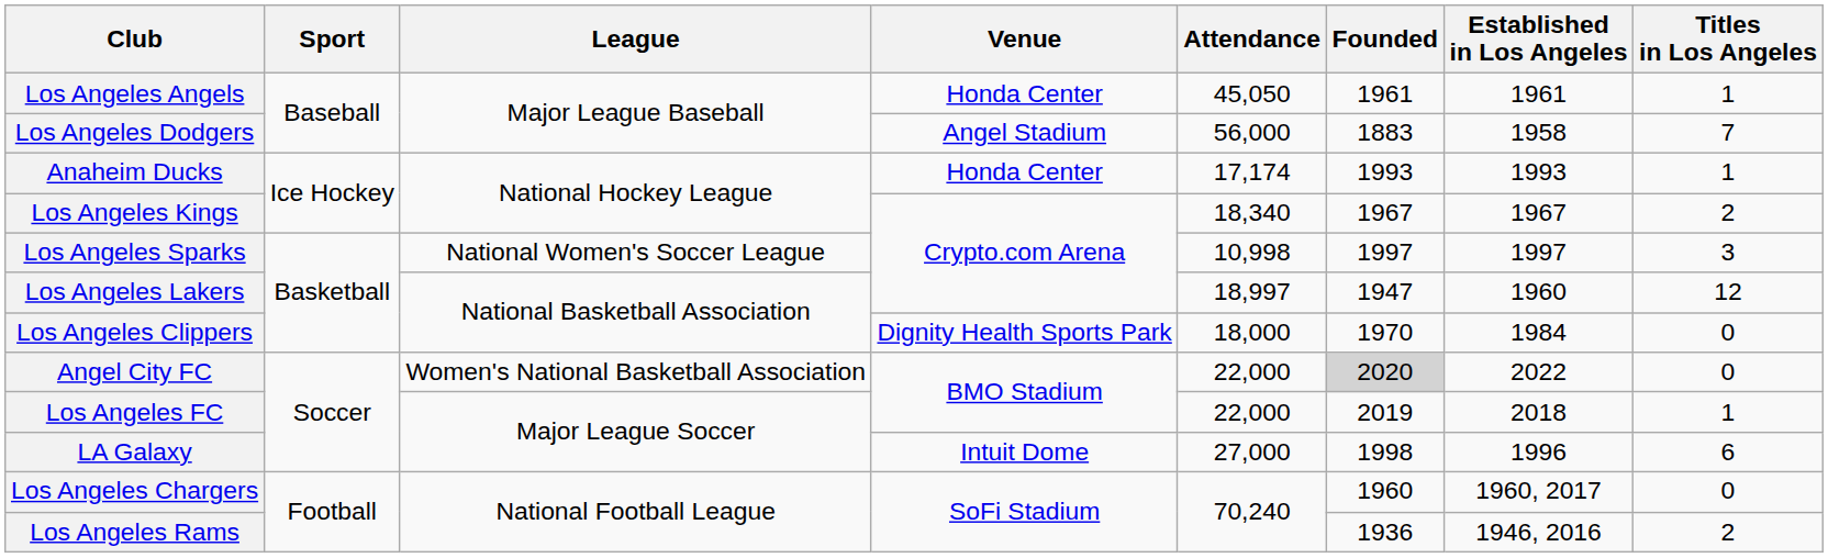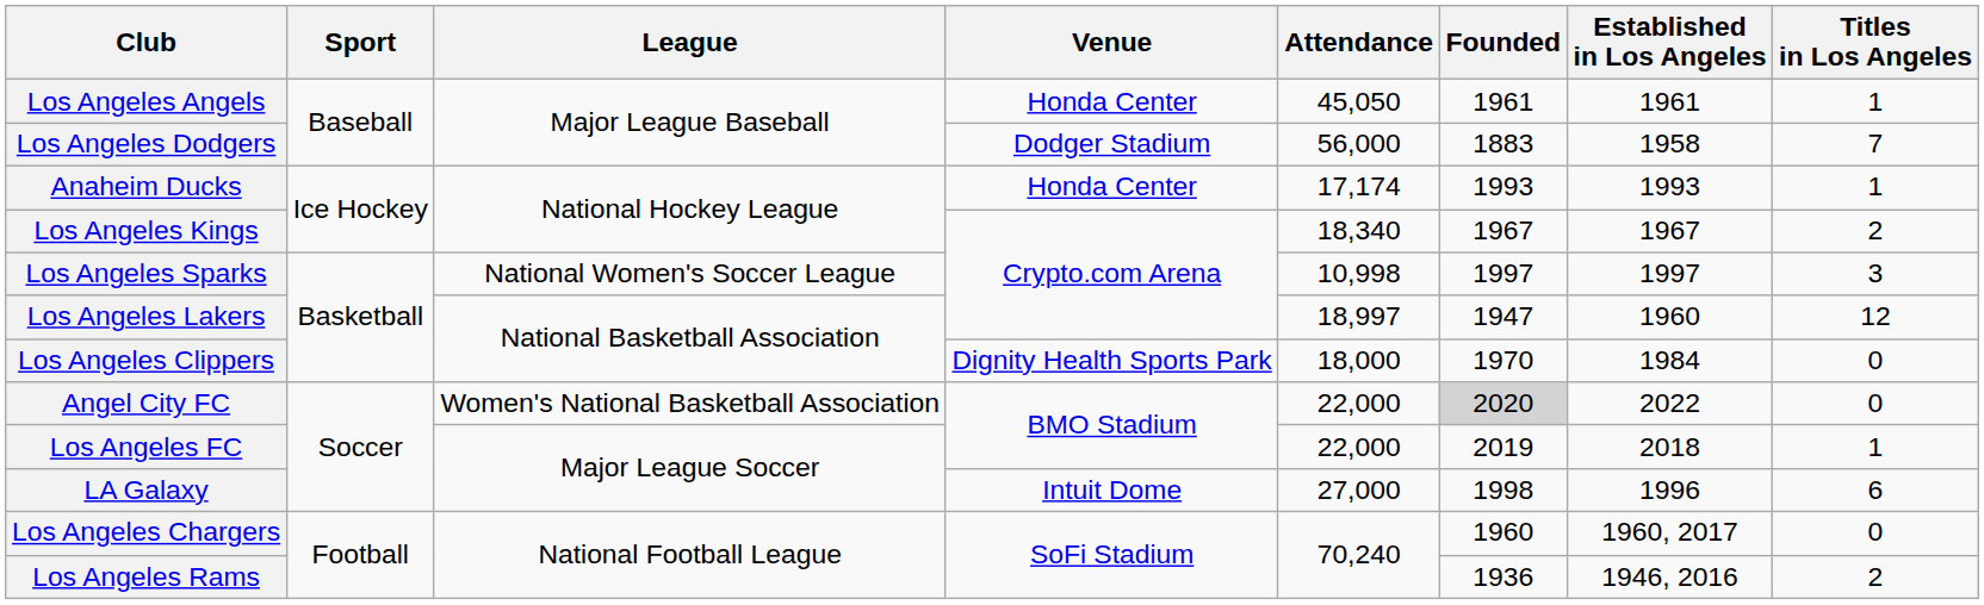 <table class="wikitable" style="text-align: center;">
 <tr>
 <th scope="col">Club</th>
 <th>Sport</th>
 <th scope="col">League</th>
 <th scope="col">Venue</th>
 <th scope="col">Attendance</th>
 <th scope="col">Founded</th>
 <th scope="col">Established <br> in Los Angeles</th>
 <th scope="col">Titles <br> in Los Angeles</th>
 </tr>
 <tr>
 <th scope="row" style="font-weight: normal;"><a href='#'>Los Angeles Angels</a></th>
 <td rowspan="2">Baseball</td>
 <td rowspan="2">Major League Baseball</td>
 <td><a href='#'>Honda Center</a></td>
 <td>45,050</td>
 <td>1961</td>
 <td>1961</td>
 <td>1</td>
 </tr>
 <tr>
 <th scope="row" style="font-weight: normal;"><a href='#'>Los Angeles Dodgers</a></th>
-<td><a href='#'>Angel Stadium</a></td>
+<td><a href='#'>Dodger Stadium</a></td>
 <td>56,000</td>
 <td>1883</td>
 <td>1958</td>
 <td>7</td>
 </tr>
 <tr>
 <th scope="row" style="font-weight: normal;"><a href='#'>Anaheim Ducks</a></th>
 <td rowspan="2">Ice Hockey</td>
 <td rowspan="2">National Hockey League</td>
 <td><a href='#'>Honda Center</a></td>
 <td>17,174</td>
 <td>1993</td>
 <td>1993</td>
 <td>1</td>
 </tr>
 <tr>
 <th scope="row" style="font-weight: normal;"><a href='#'>Los Angeles Kings</a></th>
 <td rowspan="3"><a href='#'>Crypto.com Arena</a></td>
 <td>18,340</td>
 <td>1967</td>
 <td>1967</td>
 <td>2</td>
 </tr>
 <tr>
 <th scope="row" style="font-weight: normal;"><a href='#'>Los Angeles Sparks</a></th>
 <td rowspan="3">Basketball</td>
 <td>National Women's Soccer League</td>
 <td>10,998</td>
 <td>1997</td>
 <td>1997</td>
 <td>3</td>
 </tr>
 <tr>
 <th scope="row" style="font-weight: normal;"><a href='#'>Los Angeles Lakers</a></th>
 <td rowspan="2">National Basketball Association</td>
 <td>18,997</td>
 <td>1947</td>
 <td>1960</td>
 <td>12</td>
 </tr>
 <tr>
 <th scope="row" style="font-weight: normal;"><a href='#'>Los Angeles Clippers</a></th>
 <td><a href='#'>Dignity Health Sports Park</a></td>
 <td>18,000</td>
 <td>1970</td>
 <td>1984</td>
 <td>0</td>
 </tr>
 <tr>
 <th scope="row" style="font-weight: normal;"><a href='#'>Angel City FC</a></th>
 <td rowspan=3>Soccer</td>
 <td>Women's National Basketball Association</td>
 <td rowspan=2><a href='#'>BMO Stadium</a></td>
 <td>22,000</td>
 <td style="background: lightgrey;">2020</td>
 <td>2022</td>
 <td>0</td>
 </tr>
 <tr>
 <th scope="row" style="font-weight: normal;"><a href='#'>Los Angeles FC</a></th>
 <td rowspan=2>Major League Soccer</td>
 <td>22,000</td>
 <td>2019</td>
 <td>2018</td>
 <td>1</td>
 </tr>
 <tr>
 <th scope="row" style="font-weight: normal;"><a href='#'>LA Galaxy</a></th>
 <td><a href='#'>Intuit Dome</a></td>
 <td>27,000</td>
 <td>1998</td>
 <td>1996</td>
 <td>6</td>
 </tr>
 <tr>
 <th scope="row" style="font-weight: normal;"><a href='#'>Los Angeles Chargers</a></th>
 <td rowspan="2">Football</td>
 <td rowspan="2">National Football League</td>
 <td rowspan=2><a href='#'>SoFi Stadium</a></td>
 <td rowspan=2>70,240</td>
 <td>1960</td>
 <td>1960, 2017</td>
 <td>0</td>
 </tr>
 <tr>
 <th scope="row" style="font-weight: normal;"><a href='#'>Los Angeles Rams</a></th>
 <td>1936</td>
 <td>1946, 2016</td>
 <td>2</td>
 </tr>
 </table>
